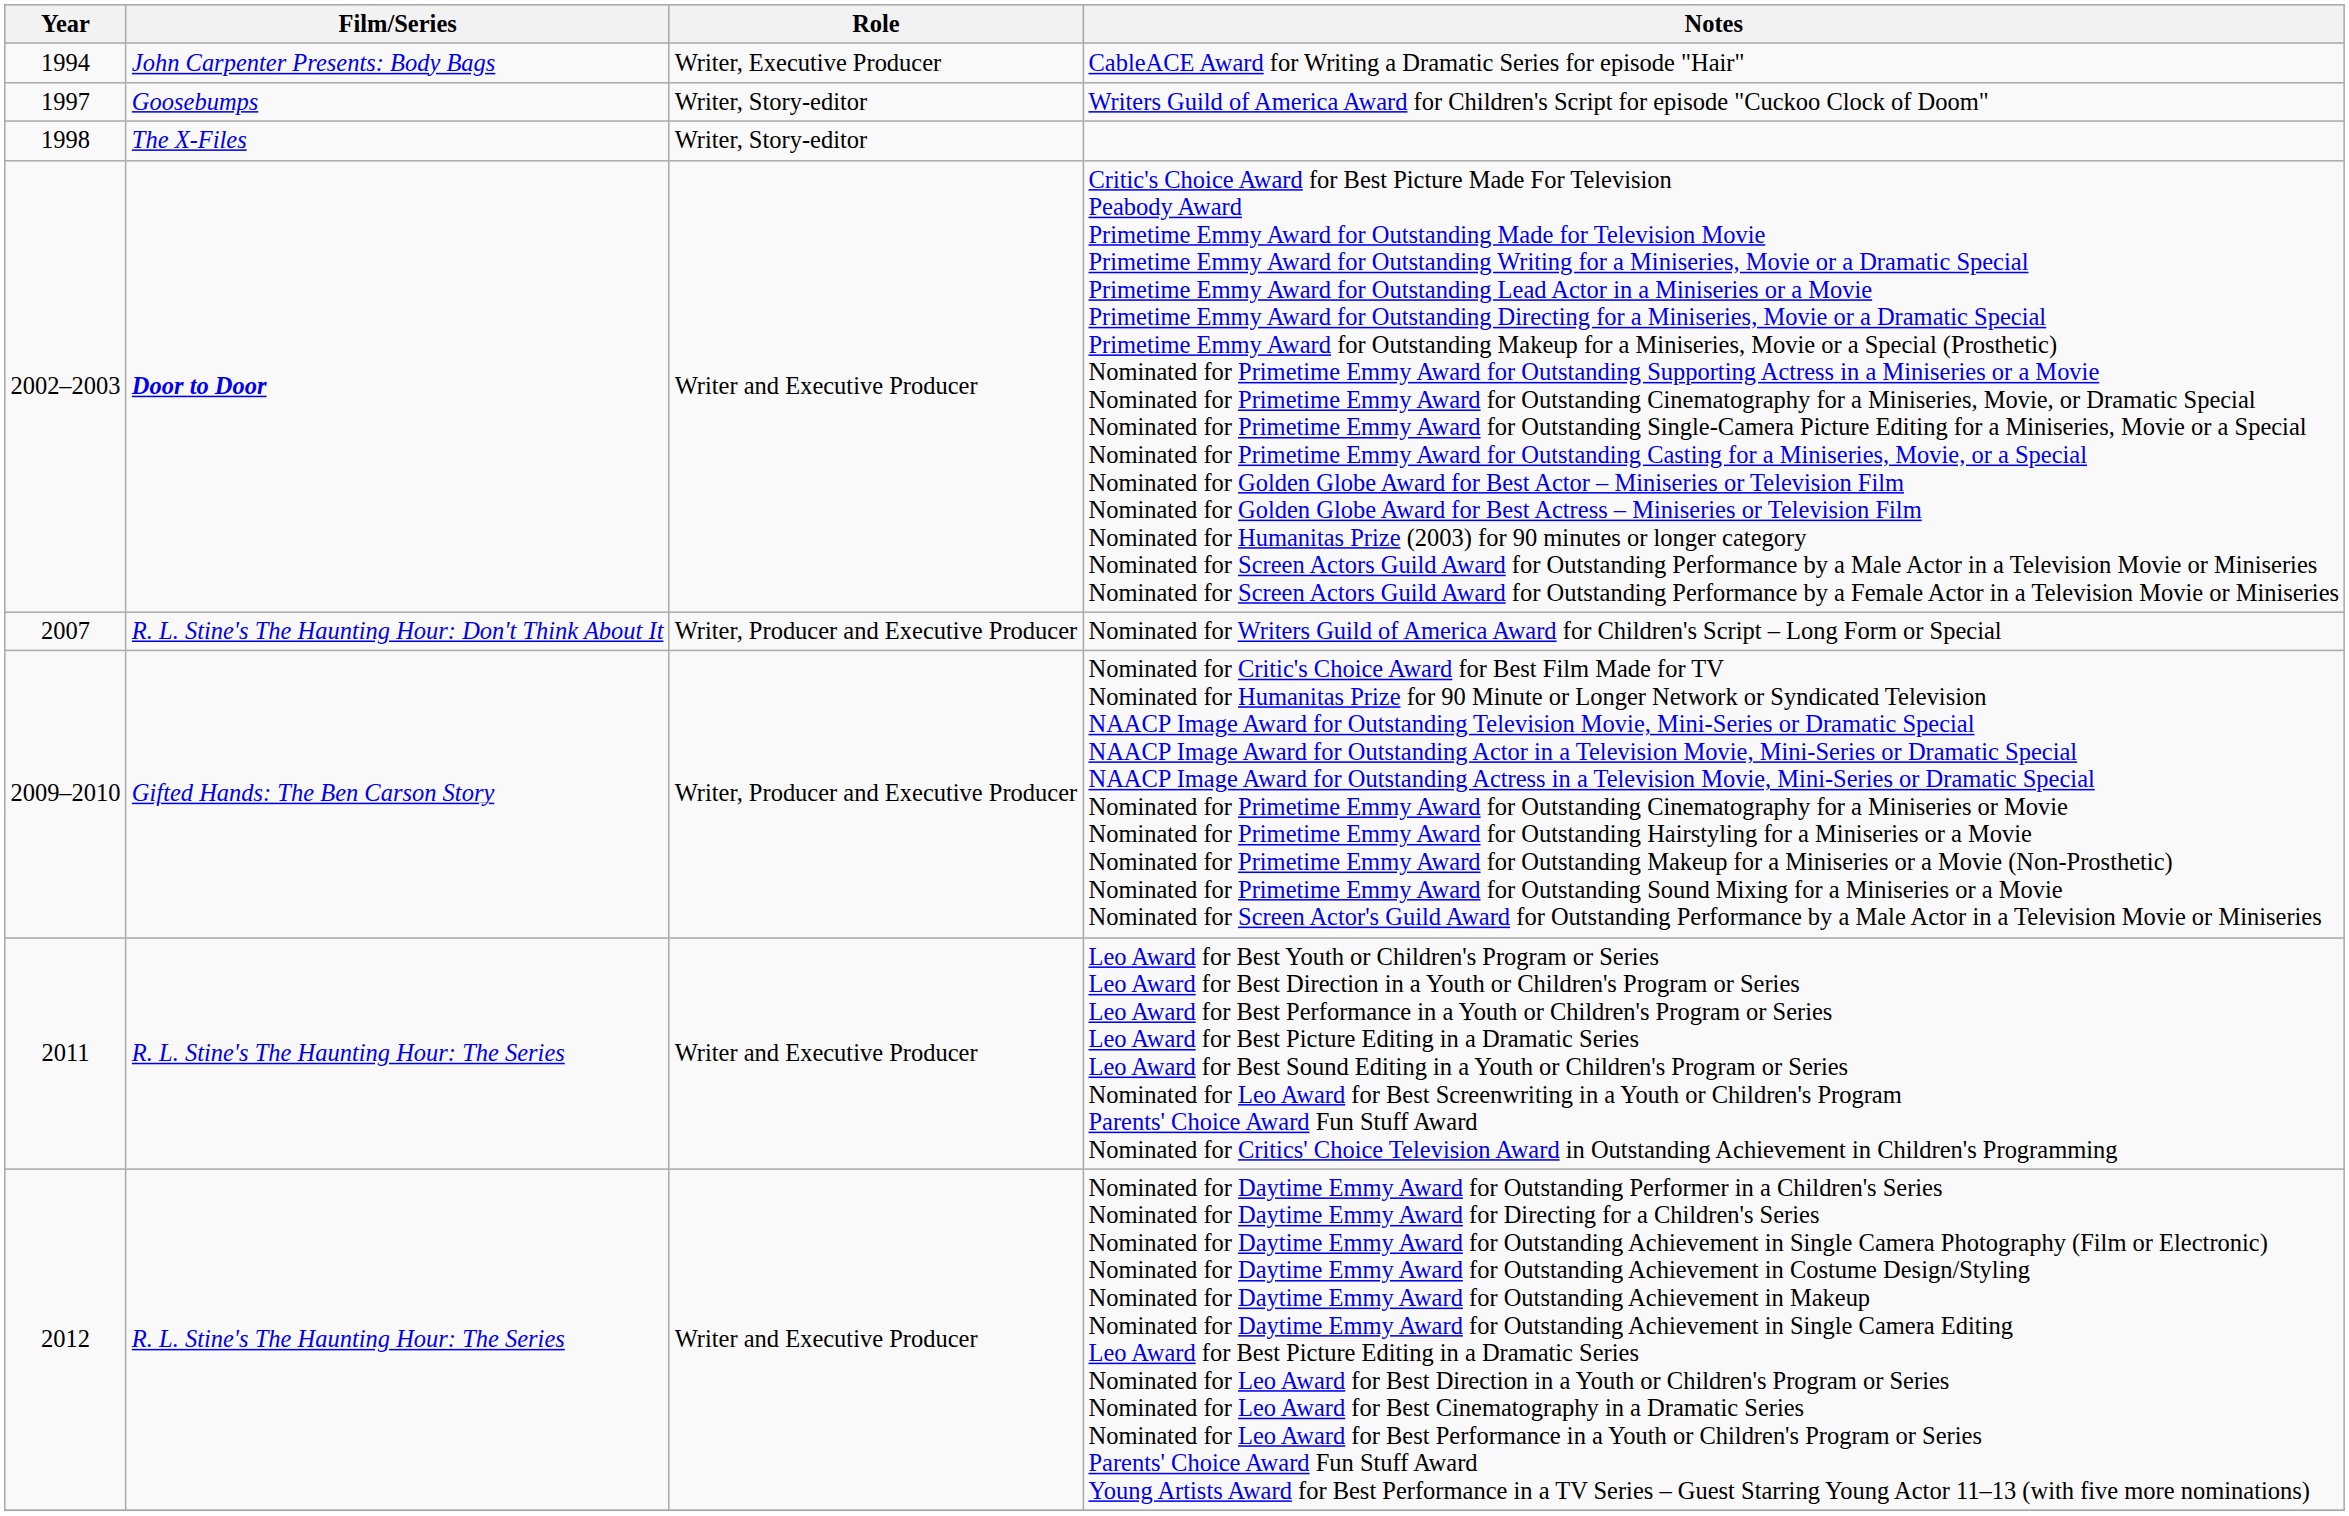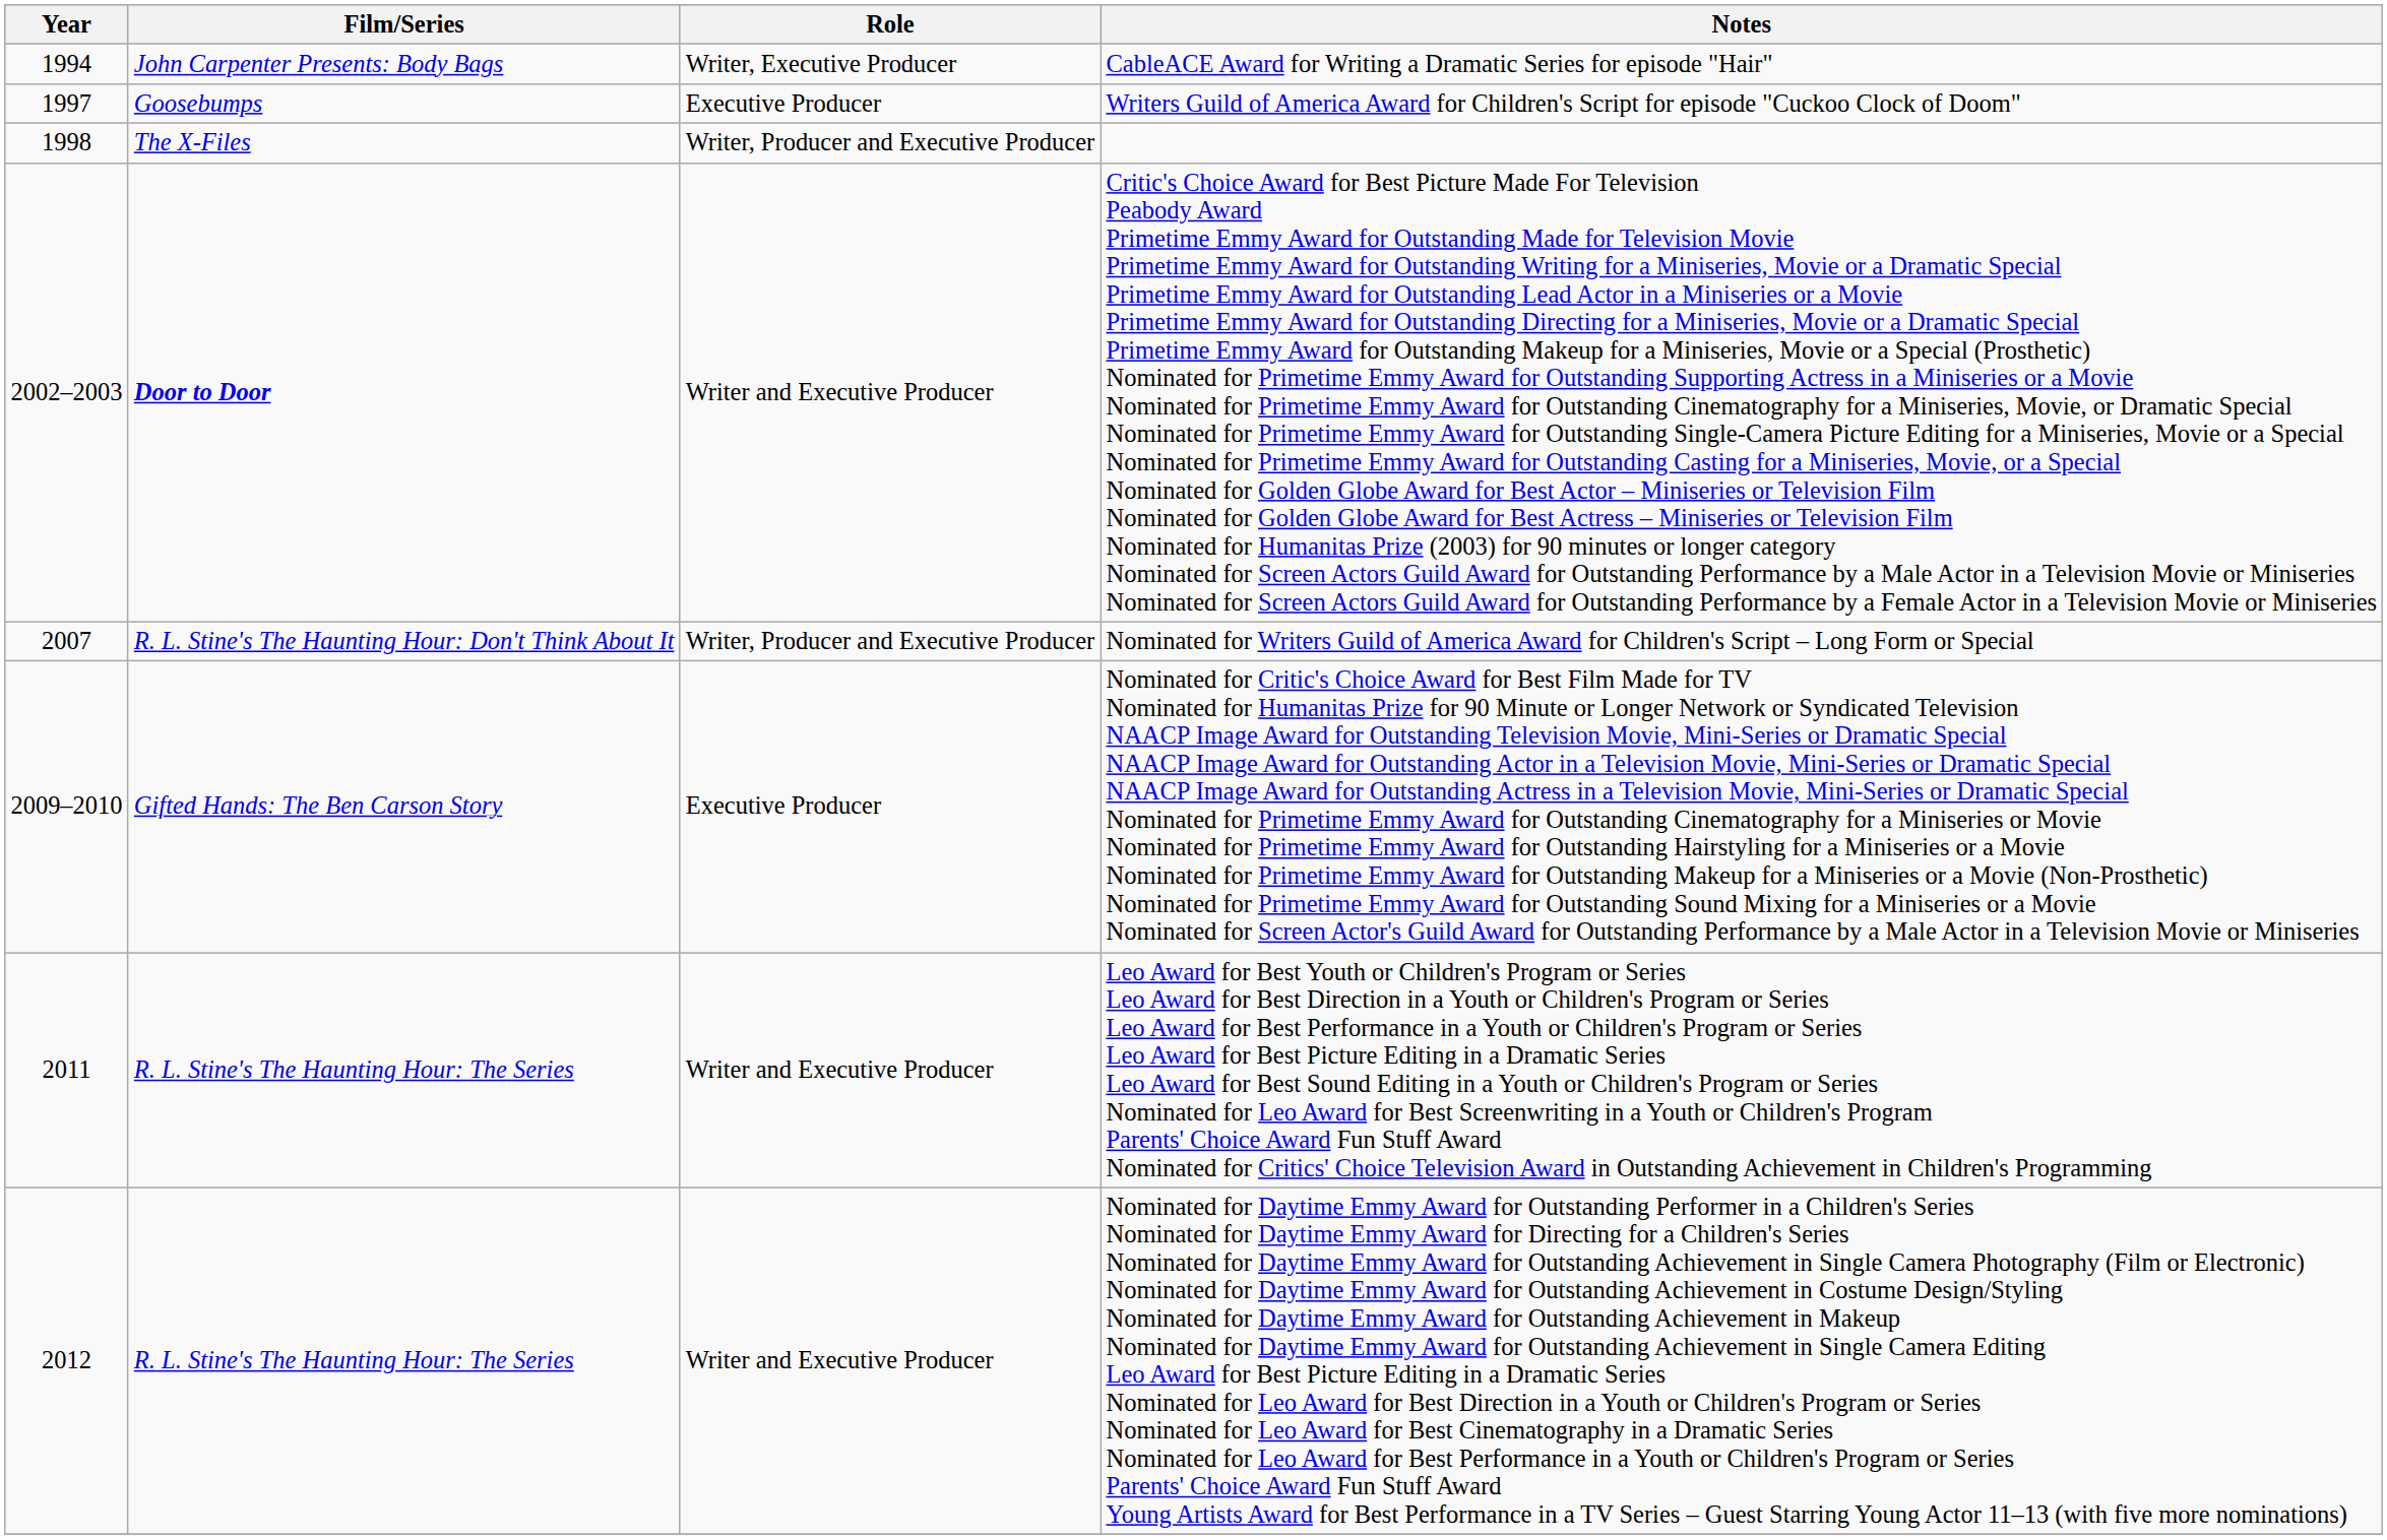 <table class="wikitable">
 <tr style="background:#B0C4DE;">
 <th>Year</th>
 <th>Film/Series</th>
 <th>Role</th>
 <th>Notes</th>
 </tr>
 <tr>
 <td style="text-align:center;">1994</td>
 <td><em><a href='#'>John Carpenter Presents: Body Bags</a></em></td>
 <td>Writer, Executive Producer</td>
 <td><a href='#'>CableACE Award</a> for Writing a Dramatic Series for episode "Hair"</td>
 </tr>
 <tr>
 <td style="text-align:center;">1997</td>
 <td><em><a href='#'>Goosebumps</a></em></td>
-<td>Writer, Story-editor</td>
+<td>Executive Producer</td>
 <td><a href='#'>Writers Guild of America Award</a> for Children's Script for episode "Cuckoo Clock of Doom"</td>
 </tr>
 <tr>
 <td style="text-align:center;">1998</td>
 <td><em><a href='#'>The X-Files</a></em></td>
-<td>Writer, Story-editor</td>
+<td>Writer, Producer and Executive Producer</td>
 <td></td>
 </tr>
 <tr>
 <td style="text-align:center;">2002–2003</td>
 <td><strong><em><a href='#'>Door to Door</a></em></strong></td>
 <td>Writer and Executive Producer</td>
 <td><a href='#'>Critic's Choice Award</a> for Best Picture Made For Television <br> <a href='#'>Peabody Award</a><br> <a href='#'>Primetime Emmy Award for Outstanding Made for Television Movie</a><br> <a href='#'>Primetime Emmy Award for Outstanding Writing for a Miniseries, Movie or a Dramatic Special</a><br> <a href='#'>Primetime Emmy Award for Outstanding Lead Actor in a Miniseries or a Movie</a> <br> <a href='#'>Primetime Emmy Award for Outstanding Directing for a Miniseries, Movie or a Dramatic Special</a> <br> <a href='#'>Primetime Emmy Award</a> for Outstanding Makeup for a Miniseries, Movie or a Special (Prosthetic) <br> Nominated for <a href='#'>Primetime Emmy Award for Outstanding Supporting Actress in a Miniseries or a Movie</a> <br> Nominated for <a href='#'>Primetime Emmy Award</a> for Outstanding Cinematography for a Miniseries, Movie, or Dramatic Special <br> Nominated for <a href='#'>Primetime Emmy Award</a> for Outstanding Single-Camera Picture Editing for a Miniseries, Movie or a Special <br> Nominated for <a href='#'>Primetime Emmy Award for Outstanding Casting for a Miniseries, Movie, or a Special</a> <br> Nominated for <a href='#'>Golden Globe Award for Best Actor – Miniseries or Television Film</a> <br> Nominated for <a href='#'>Golden Globe Award for Best Actress – Miniseries or Television Film</a> <br> Nominated for <a href='#'>Humanitas Prize</a> (2003) for 90 minutes or longer category <br>Nominated for <a href='#'>Screen Actors Guild Award</a> for Outstanding Performance by a Male Actor in a Television Movie or Miniseries <br> Nominated for <a href='#'>Screen Actors Guild Award</a> for Outstanding Performance by a Female Actor in a Television Movie or Miniseries</td>
 </tr>
 <tr>
 <td style="text-align:center;">2007</td>
 <td><em><a href='#'>R. L. Stine's The Haunting Hour: Don't Think About It</a></em></td>
 <td>Writer, Producer and Executive Producer</td>
 <td>Nominated for <a href='#'>Writers Guild of America Award</a> for Children's Script – Long Form or Special</td>
 </tr>
 <tr>
 <td style="text-align:center;">2009–2010</td>
 <td><em><a href='#'>Gifted Hands: The Ben Carson Story</a></em></td>
-<td>Writer, Producer and Executive Producer</td>
+<td>Executive Producer</td>
 <td>Nominated for <a href='#'>Critic's Choice Award</a> for Best Film Made for TV <br> Nominated for <a href='#'>Humanitas Prize</a> for 90 Minute or Longer Network or Syndicated Television <br> <a href='#'>NAACP Image Award for Outstanding Television Movie, Mini-Series or Dramatic Special</a> <br> <a href='#'>NAACP Image Award for Outstanding Actor in a Television Movie, Mini-Series or Dramatic Special</a> <br> <a href='#'>NAACP Image Award for Outstanding Actress in a Television Movie, Mini-Series or Dramatic Special</a> <br> Nominated for <a href='#'>Primetime Emmy Award</a> for Outstanding Cinematography for a Miniseries or Movie <br> Nominated for <a href='#'>Primetime Emmy Award</a> for Outstanding Hairstyling for a Miniseries or a Movie <br> Nominated for <a href='#'>Primetime Emmy Award</a> for Outstanding Makeup for a Miniseries or a Movie (Non-Prosthetic) <br> Nominated for <a href='#'>Primetime Emmy Award</a> for Outstanding Sound Mixing for a Miniseries or a Movie <br> Nominated for <a href='#'>Screen Actor's Guild Award</a> for Outstanding Performance by a Male Actor in a Television Movie or Miniseries</td>
 </tr>
 <tr>
 <td style="text-align:center;">2011</td>
 <td><em><a href='#'>R. L. Stine's The Haunting Hour: The Series</a></em></td>
 <td>Writer and Executive Producer</td>
 <td><a href='#'>Leo Award</a> for Best Youth or Children's Program or Series <br> <a href='#'>Leo Award</a> for Best Direction in a Youth or Children's Program or Series <br> <a href='#'>Leo Award</a> for Best Performance in a Youth or Children's Program or Series <br> <a href='#'>Leo Award</a> for Best Picture Editing in a Dramatic Series <br> <a href='#'>Leo Award</a> for Best Sound Editing in a Youth or Children's Program or Series <br> Nominated for <a href='#'>Leo Award</a> for Best Screenwriting in a Youth or Children's Program <br> <a href='#'>Parents' Choice Award</a> Fun Stuff Award <br> Nominated for <a href='#'>Critics' Choice Television Award</a> in Outstanding Achievement in Children's Programming <br></td>
 </tr>
 <tr>
 <td style="text-align:center;">2012</td>
 <td><em><a href='#'>R. L. Stine's The Haunting Hour: The Series</a></em></td>
 <td>Writer and Executive Producer</td>
 <td>Nominated for <a href='#'>Daytime Emmy Award</a> for Outstanding Performer in a Children's Series <br> Nominated for <a href='#'>Daytime Emmy Award</a> for Directing for a Children's Series <br> Nominated for <a href='#'>Daytime Emmy Award</a> for Outstanding Achievement in Single Camera Photography (Film or Electronic) <br> Nominated for <a href='#'>Daytime Emmy Award</a> for Outstanding Achievement in Costume Design/Styling <br> Nominated for <a href='#'>Daytime Emmy Award</a> for Outstanding Achievement in Makeup <br> Nominated for <a href='#'>Daytime Emmy Award</a> for Outstanding Achievement in Single Camera Editing <br> <a href='#'>Leo Award</a> for Best Picture Editing in a Dramatic Series <br> Nominated for <a href='#'>Leo Award</a> for Best Direction in a Youth or Children's Program or Series <br> Nominated for <a href='#'>Leo Award</a> for Best Cinematography in a Dramatic Series <br> Nominated for <a href='#'>Leo Award</a> for Best Performance in a Youth or Children's Program or Series <br> <a href='#'>Parents' Choice Award</a> Fun Stuff Award <br> <a href='#'>Young Artists Award</a> for Best Performance in a TV Series – Guest Starring Young Actor 11–13 (with five more nominations)</td>
 </tr>
 <tr>
 </tr>
 </table>
